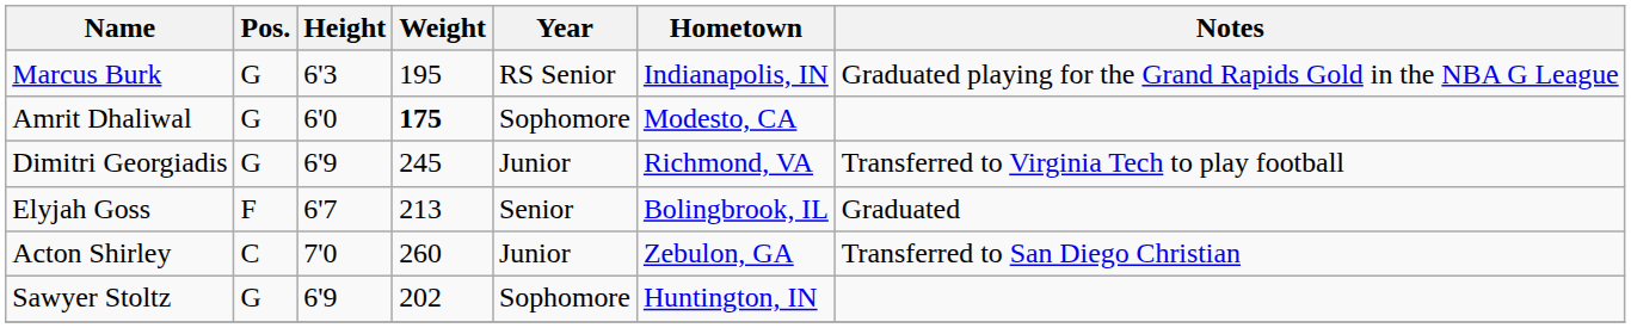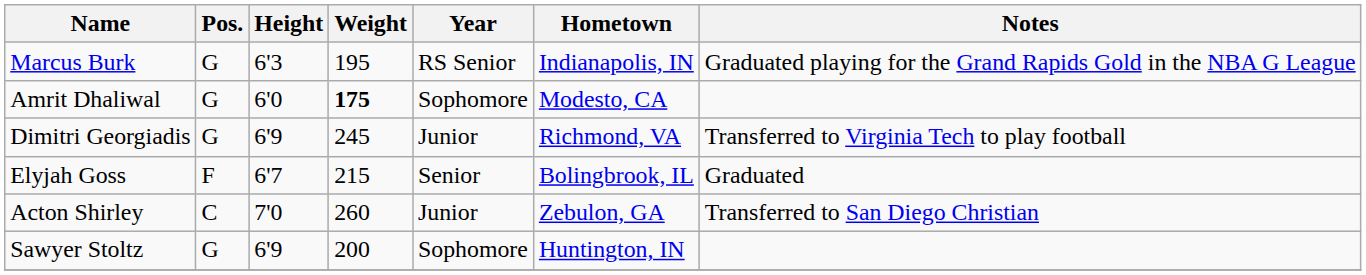 <table class="wikitable sortable" border="1">
 <tr align=center>
 <th>Name</th>
 <th>Pos.</th>
 <th>Height</th>
 <th>Weight</th>
 <th>Year</th>
 <th>Hometown</th>
 <th>Notes</th>
 </tr>
 <tr>
 <td><a href='#'>Marcus Burk</a></td>
 <td>G</td>
 <td>6'3</td>
 <td>195</td>
 <td>RS Senior</td>
 <td><a href='#'>Indianapolis, IN</a></td>
 <td>Graduated playing for the <a href='#'>Grand Rapids Gold</a> in the <a href='#'>NBA G League</a></td>
 </tr>
 <tr>
 <td>Amrit Dhaliwal</td>
 <td>G</td>
 <td>6'0</td>
 <td><strong>175</strong></td>
 <td>Sophomore</td>
 <td><a href='#'>Modesto, CA</a></td>
 <td></td>
 </tr>
 <tr>
 <td>Dimitri Georgiadis</td>
 <td>G</td>
 <td>6'9</td>
 <td>245</td>
 <td>Junior</td>
 <td><a href='#'>Richmond, VA</a></td>
 <td>Transferred to <a href='#'>Virginia Tech</a> to play football</td>
 </tr>
 <tr>
 <td>Elyjah Goss</td>
 <td>F</td>
 <td>6'7</td>
-<td>213</td>
+<td>215</td>
 <td>Senior</td>
 <td><a href='#'>Bolingbrook, IL</a></td>
 <td>Graduated</td>
 </tr>
 <tr>
 <td>Acton Shirley</td>
 <td>C</td>
 <td>7'0</td>
 <td>260</td>
 <td>Junior</td>
 <td><a href='#'>Zebulon, GA</a></td>
 <td>Transferred to <a href='#'>San Diego Christian</a></td>
 </tr>
 <tr>
 <td>Sawyer Stoltz</td>
 <td>G</td>
 <td>6'9</td>
-<td>202</td>
+<td>200</td>
 <td>Sophomore</td>
 <td><a href='#'>Huntington, IN</a></td>
 <td></td>
 </tr>
 <tr>
 </tr>
 </table>
